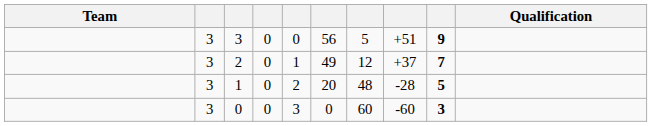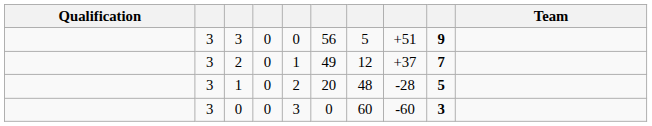 <table class="wikitable" style="text-align:center;">
 <tr>
-<th style="width:12.5em">Team</th>
+<th style="width:12.5em">Qualification</th>
 <th style="width:1.5em;"></th>
 <th style="width:1.5em;"></th>
 <th style="width:1.5em;"></th>
 <th style="width:1.5em;"></th>
 <th style="width:2.0em;"></th>
 <th style="width:2.0em;"></th>
 <th style="width:2.5em;"></th>
 <th style="width:1.5em;"></th>
-<th style="width:12.5em">Qualification</th>
+<th style="width:12.5em">Team</th>
 </tr>
 <tr>
-<td align=left></td>
+<td></td>
 <td>3</td>
 <td>3</td>
 <td>0</td>
 <td>0</td>
 <td>56</td>
 <td>5</td>
 <td>+51</td>
 <td><strong>9</strong></td>
-<td></td>
+<td align=left></td>
 </tr>
 <tr>
-<td align=left></td>
+<td></td>
 <td>3</td>
 <td>2</td>
 <td>0</td>
 <td>1</td>
 <td>49</td>
 <td>12</td>
 <td>+37</td>
 <td><strong>7</strong></td>
-<td></td>
+<td align=left></td>
 </tr>
 <tr>
-<td align=left></td>
+<td></td>
 <td>3</td>
 <td>1</td>
 <td>0</td>
 <td>2</td>
 <td>20</td>
 <td>48</td>
 <td>-28</td>
 <td><strong>5</strong></td>
-<td></td>
+<td align=left></td>
 </tr>
 <tr>
-<td align=left></td>
+<td></td>
 <td>3</td>
 <td>0</td>
 <td>0</td>
 <td>3</td>
 <td>0</td>
 <td>60</td>
 <td>-60</td>
 <td><strong>3</strong></td>
-<td></td>
+<td align=left></td>
 </tr>
 </table>
